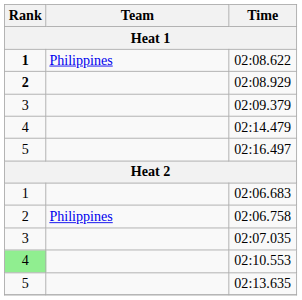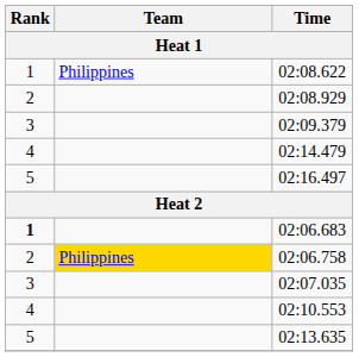 <table class=wikitable style="text-align:center">
 <tr>
 <th width=40>Rank</th>
 <th width=200>Team</th>
 <th width=70>Time</th>
 </tr>
 <tr>
 <th colspan=3>Heat 1</th>
 </tr>
 <tr>
-<td><strong>1</strong></td>
+<td>1</td>
 <td align=left> <a href='#'>Philippines</a></td>
 <td>02:08.622</td>
 </tr>
 <tr>
-<td><strong>2</strong></td>
+<td>2</td>
 <td align=left></td>
 <td>02:08.929</td>
 </tr>
 <tr>
 <td>3</td>
 <td align=left></td>
 <td>02:09.379</td>
 </tr>
 <tr>
 <td>4</td>
 <td align=left></td>
 <td>02:14.479</td>
 </tr>
 <tr>
 <td>5</td>
 <td align=left></td>
 <td>02:16.497</td>
 </tr>
 <tr>
 <th colspan=3>Heat 2</th>
 </tr>
 <tr>
-<td>1</td>
+<td><strong>1</strong></td>
 <td align=left></td>
 <td>02:06.683</td>
 </tr>
 <tr>
 <td>2</td>
-<td align=left> <a href='#'>Philippines</a></td>
+<td align=left style="background: gold;"> <a href='#'>Philippines</a></td>
 <td>02:06.758</td>
 </tr>
 <tr>
 <td>3</td>
 <td align=left></td>
 <td>02:07.035</td>
 </tr>
 <tr>
-<td style="background: lightgreen;">4</td>
+<td>4</td>
 <td align=left></td>
 <td>02:10.553</td>
 </tr>
 <tr>
 <td>5</td>
 <td align=left></td>
 <td>02:13.635</td>
 </tr>
 <tr>
 </tr>
 </table>
